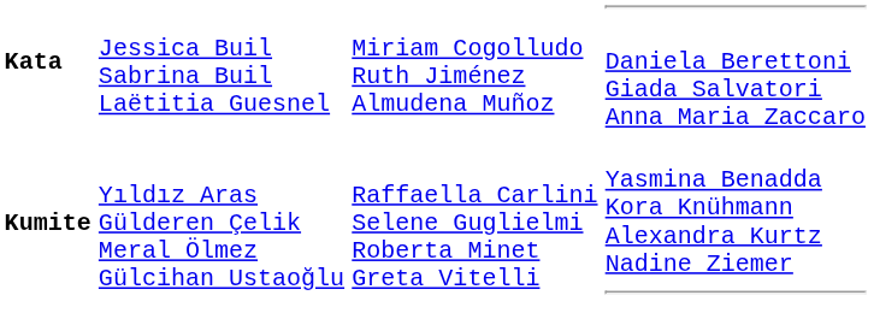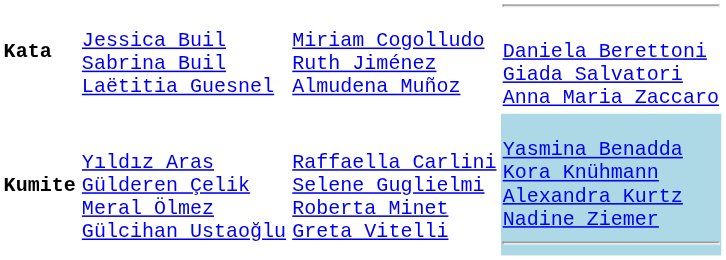 <table>
 <tr>
 <td><strong>Kata</strong></td>
 <td><br><a href='#'>Jessica Buil</a><br><a href='#'>Sabrina Buil</a><br><a href='#'>Laëtitia Guesnel</a></td>
 <td><br><a href='#'>Miriam Cogolludo</a><br><a href='#'>Ruth Jiménez</a><br><a href='#'>Almudena Muñoz</a></td>
 <td><hr><br><a href='#'>Daniela Berettoni</a><br><a href='#'>Giada Salvatori</a><br><a href='#'>Anna Maria Zaccaro</a></td>
 </tr>
 <tr>
 <td><strong>Kumite</strong></td>
 <td><br><a href='#'>Yıldız Aras</a><br><a href='#'>Gülderen Çelik</a><br><a href='#'>Meral Ölmez</a><br><a href='#'>Gülcihan Ustaoğlu</a></td>
 <td><br><a href='#'>Raffaella Carlini</a><br><a href='#'>Selene Guglielmi</a><br><a href='#'>Roberta Minet</a><br><a href='#'>Greta Vitelli</a></td>
-<td><br><a href='#'>Yasmina Benadda</a><br><a href='#'>Kora Knühmann</a><br><a href='#'>Alexandra Kurtz</a><br><a href='#'>Nadine Ziemer</a><hr></td>
+<td style="background: lightblue;"><br><a href='#'>Yasmina Benadda</a><br><a href='#'>Kora Knühmann</a><br><a href='#'>Alexandra Kurtz</a><br><a href='#'>Nadine Ziemer</a><hr></td>
 </tr>
 </table>
